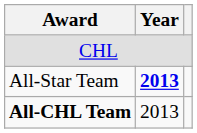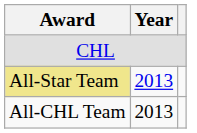 <table class="wikitable">
 <tr>
 <th>Award</th>
 <th>Year</th>
 <th></th>
 </tr>
 <tr ALIGN="center" bgcolor="#e0e0e0">
 <td colspan="3"><a href='#'>CHL</a></td>
 </tr>
 <tr>
-<td>All-Star Team</td>
-<td><strong><a href='#'>2013</a></strong></td>
+<td style="background: khaki;">All-Star Team</td>
+<td><a href='#'>2013</a></td>
 <td></td>
 </tr>
 <tr>
-<td><strong>All-CHL Team</strong></td>
+<td>All-CHL Team</td>
 <td>2013</td>
 <td></td>
 </tr>
 </table>
